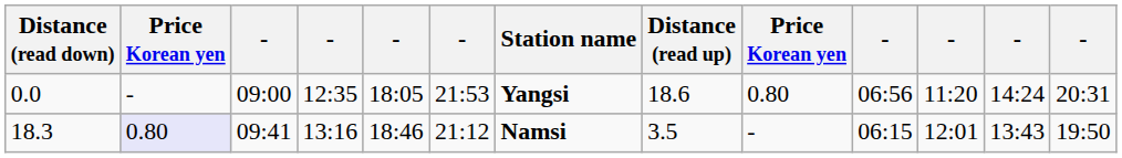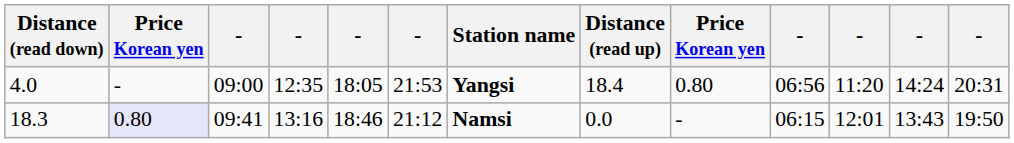 <table class="wikitable" style="font-size:90%;">
 <tr>
 <th>Distance<br><small>(read down)</small></th>
 <th>Price<br><small><a href='#'>Korean yen</a></small></th>
 <th>-</th>
 <th>-</th>
 <th>-</th>
 <th>-</th>
 <th>Station name</th>
 <th>Distance<br><small>(read up)</small></th>
 <th>Price<br><small><a href='#'>Korean yen</a></small></th>
 <th>-</th>
 <th>-</th>
 <th>-</th>
 <th>-</th>
 </tr>
 <tr>
-<td>0.0</td>
+<td>4.0</td>
 <td>-</td>
 <td>09:00</td>
 <td>12:35</td>
 <td>18:05</td>
 <td>21:53</td>
 <td><strong>Yangsi</strong></td>
-<td>18.6</td>
+<td>18.4</td>
 <td>0.80</td>
 <td>06:56</td>
 <td>11:20</td>
 <td>14:24</td>
 <td>20:31</td>
 </tr>
 <tr>
 <td>18.3</td>
 <td style="background: lavender;">0.80</td>
 <td>09:41</td>
 <td>13:16</td>
 <td>18:46</td>
 <td>21:12</td>
 <td><strong>Namsi</strong></td>
-<td>3.5</td>
+<td>0.0</td>
 <td>-</td>
 <td>06:15</td>
 <td>12:01</td>
 <td>13:43</td>
 <td>19:50</td>
 </tr>
 </table>
